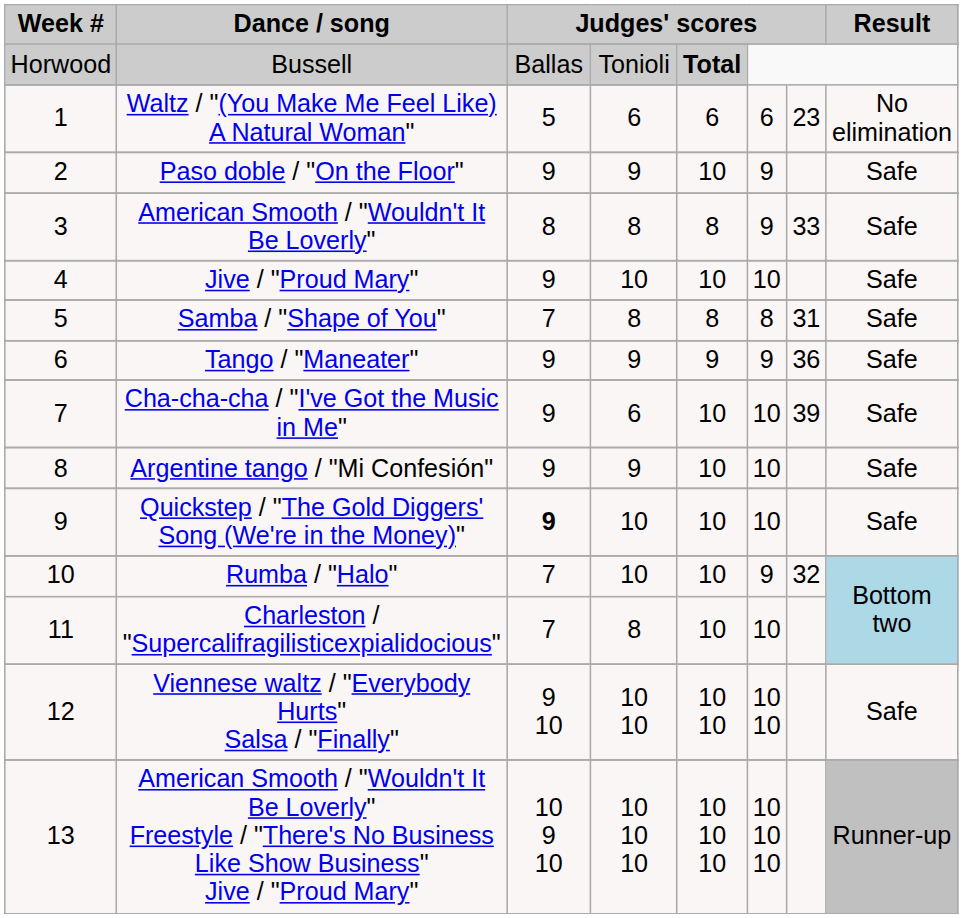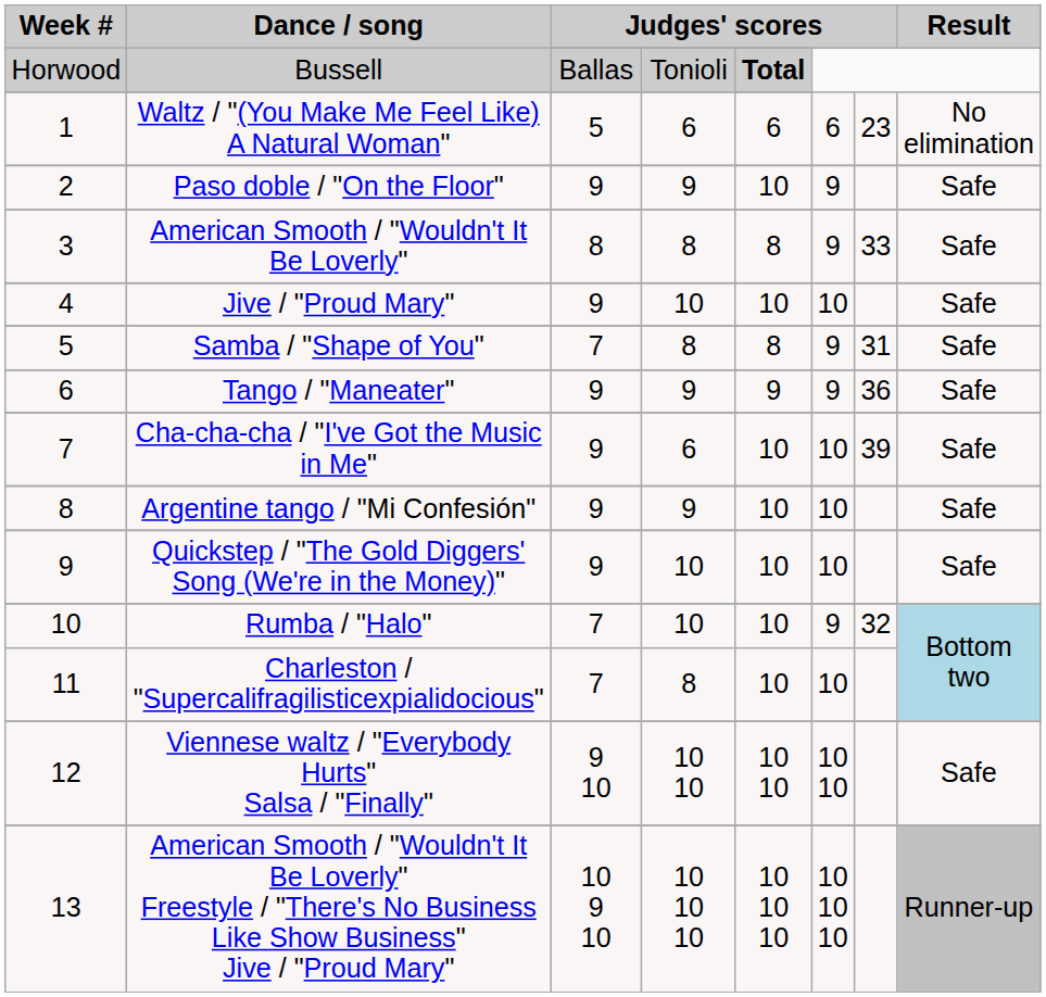 <table class="wikitable collapsible collapsed">
 <tr>
 <td rowspan="2" style="background:#CCCCCC;" align="Center"><strong>Week #</strong></td>
 <td rowspan="2" style="background:#CCCCCC;" align="Center"><strong>Dance / song</strong></td>
 <td colspan="5" style="background:#CCCCCC;" align="Center"><strong>Judges' scores</strong></td>
 <td rowspan="2" style="background:#CCCCCC;" align="Center"><strong>Result</strong></td>
 </tr>
 <tr>
 </tr>
 <tr>
 <td style="background:#CCCCCC;" width="10%" align="center">Horwood</td>
 <td style="background:#CCCCCC;" width="10%" align="center">Bussell</td>
 <td style="background:#CCCCCC;" width="10%" align="center">Ballas</td>
 <td style="background:#CCCCCC;" width="10%" align="center">Tonioli</td>
 <td style="background:#CCCCCC;" width="6%" align="center"><strong>Total</strong></td>
 </tr>
 <tr>
 </tr>
 <tr>
 <td style="text-align:center; background:#faf6f6;">1</td>
 <td style="text-align:center; background:#faf6f6;"><a href='#'>Waltz</a> / "<a href='#'>(You Make Me Feel Like) A Natural Woman</a>"</td>
 <td style="text-align:center; background:#faf6f6;">5</td>
 <td style="text-align:center; background:#faf6f6;">6</td>
 <td style="text-align:center; background:#faf6f6;">6</td>
 <td style="text-align:center; background:#faf6f6;">6</td>
 <td style="text-align:center; background:#faf6f6;">23</td>
 <td style="text-align:center; background:#faf6f6;">No elimination</td>
 </tr>
 <tr>
 </tr>
 <tr>
 <td style="text-align:center; background:#faf6f6;">2</td>
 <td style="text-align:center; background:#faf6f6;"><a href='#'>Paso doble</a> / "<a href='#'>On the Floor</a>"</td>
 <td style="text-align:center; background:#faf6f6;">9</td>
 <td style="text-align:center; background:#faf6f6;">9</td>
 <td style="text-align:center; background:#faf6f6">10</td>
 <td style="text-align:center; background:#faf6f6;">9</td>
 <td style="text-align:center; background:#faf6f6;"></td>
 <td style="text-align:center; background:#faf6f6;">Safe</td>
 </tr>
 <tr>
 </tr>
 <tr>
 <td style="text-align:center; background:#faf6f6;">3</td>
 <td style="text-align:center; background:#faf6f6;"><a href='#'>American Smooth</a> / "<a href='#'>Wouldn't It Be Loverly</a>"</td>
 <td style="text-align:center; background:#faf6f6;">8</td>
 <td style="text-align:center; background:#faf6f6;">8</td>
 <td style="text-align:center; background:#faf6f6;">8</td>
 <td style="text-align:center; background:#faf6f6;">9</td>
 <td style="text-align:center; background:#faf6f6;">33</td>
 <td style="text-align:center; background:#faf6f6;">Safe</td>
 </tr>
 <tr>
 </tr>
 <tr>
 <td style="text-align:center; background:#faf6f6">4</td>
 <td style="text-align:center; background:#faf6f6"><a href='#'>Jive</a> / "<a href='#'>Proud Mary</a>"</td>
 <td style="text-align:center; background:#faf6f6">9</td>
 <td style="text-align:center; background:#faf6f6">10</td>
 <td style="text-align:center; background:#faf6f6">10</td>
 <td style="text-align:center; background:#faf6f6">10</td>
 <td style="text-align:center; background:#faf6f6"></td>
 <td style="text-align:center; background:#faf6f6">Safe</td>
 </tr>
 <tr>
 </tr>
 <tr>
 <td style="text-align:center; background:#faf6f6">5</td>
 <td style="text-align:center; background:#faf6f6"><a href='#'>Samba</a> / "<a href='#'>Shape of You</a>"</td>
 <td style="text-align:center; background:#faf6f6">7</td>
 <td style="text-align:center; background:#faf6f6">8</td>
 <td style="text-align:center; background:#faf6f6">8</td>
-<td style="text-align:center; background:#faf6f6">8</td>
+<td style="text-align:center; background:#faf6f6">9</td>
 <td style="text-align:center; background:#faf6f6">31</td>
 <td style="text-align:center; background:#faf6f6">Safe</td>
 </tr>
 <tr>
 </tr>
 <tr>
 <td style="text-align:center; background:#faf6f6">6</td>
 <td style="text-align:center; background:#faf6f6"><a href='#'>Tango</a> / "<a href='#'>Maneater</a>"</td>
 <td style="text-align:center; background:#faf6f6">9</td>
 <td style="text-align:center; background:#faf6f6">9</td>
 <td style="text-align:center; background:#faf6f6">9</td>
 <td style="text-align:center; background:#faf6f6">9</td>
 <td style="text-align:center; background:#faf6f6">36</td>
 <td style="text-align:center; background:#faf6f6">Safe</td>
 </tr>
 <tr>
 </tr>
 <tr>
 <td style="text-align:center; background:#faf6f6">7</td>
 <td style="text-align:center; background:#faf6f6"><a href='#'>Cha-cha-cha</a> / "<a href='#'>I've Got the Music in Me</a>"</td>
 <td style="text-align:center; background:#faf6f6">9</td>
 <td style="text-align:center; background:#faf6f6;">6</td>
 <td style="text-align:center; background:#faf6f6">10</td>
 <td style="text-align:center; background:#faf6f6">10</td>
 <td style="text-align:center; background:#faf6f6">39</td>
 <td style="text-align:center; background:#faf6f6">Safe</td>
 </tr>
 <tr>
 </tr>
 <tr>
 <td style="text-align:center; background:#faf6f6">8</td>
 <td style="text-align:center; background:#faf6f6"><a href='#'>Argentine tango</a> / "Mi Confesión"</td>
 <td style="text-align:center; background:#faf6f6">9</td>
 <td style="text-align:center; background:#faf6f6">9</td>
 <td style="text-align:center; background:#faf6f6">10</td>
 <td style="text-align:center; background:#faf6f6">10</td>
 <td style="text-align:center; background:#faf6f6"></td>
 <td style="text-align:center; background:#faf6f6">Safe</td>
 </tr>
 <tr>
 </tr>
 <tr>
 <td style="text-align:center; background:#faf6f6">9</td>
 <td style="text-align:center; background:#faf6f6"><a href='#'>Quickstep</a> / "<a href='#'>The Gold Diggers' Song (We're in the Money)</a>"</td>
-<td style="text-align:center; background:#faf6f6"><strong>9</strong></td>
+<td style="text-align:center; background:#faf6f6">9</td>
 <td style="text-align:center; background:#faf6f6">10</td>
 <td style="text-align:center; background:#faf6f6">10</td>
 <td style="text-align:center; background:#faf6f6">10</td>
 <td style="text-align:center; background:#faf6f6"></td>
 <td style="text-align:center; background:#faf6f6">Safe</td>
 </tr>
 <tr>
 </tr>
 <tr>
 </tr>
 <tr style="text-align: center; background:#faf6f6;">
 <td>10</td>
 <td><a href='#'>Rumba</a> / "<a href='#'>Halo</a>"</td>
 <td>7</td>
 <td>10</td>
 <td>10</td>
 <td>9</td>
 <td>32</td>
 <td rowspan="2" bgcolor="lightblue">Bottom two</td>
 </tr>
 <tr style="text-align: center; background:#faf6f6;">
 <td>11</td>
 <td><a href='#'>Charleston</a> / "<a href='#'>Supercalifragilisticexpialidocious</a>"</td>
 <td>7</td>
 <td>8</td>
 <td>10</td>
 <td>10</td>
 <td></td>
 </tr>
 <tr>
 </tr>
 <tr style="text-align: center; background:#faf6f6;">
 <td>12</td>
 <td style="text-align:center; background:#faf6f6;"><a href='#'>Viennese waltz</a> / "<a href='#'>Everybody Hurts</a>"<br><a href='#'>Salsa</a> / "<a href='#'>Finally</a>"</td>
 <td style="text-align:center; background:#faf6f6;">9<br>10</td>
 <td style="text-align:center; background:#faf6f6;">10<br>10</td>
 <td style="text-align:center; background:#faf6f6;">10<br>10</td>
 <td style="text-align:center; background:#faf6f6;">10<br>10</td>
 <td style="text-align:center; background:#faf6f6;"><br></td>
 <td style="text-align:center; background:#faf6f6;">Safe</td>
 </tr>
 <tr>
 </tr>
 <tr style="text-align: center; background:#faf6f6;">
 <td>13</td>
 <td style="text-align:center; background:#faf6f6;"><a href='#'>American Smooth</a> / "<a href='#'>Wouldn't It Be Loverly</a>"<br><a href='#'>Freestyle</a> / "<a href='#'>There's No Business Like Show Business</a>"<br><a href='#'>Jive</a> / "<a href='#'>Proud Mary</a>"</td>
 <td style="text-align:center; background:#faf6f6;">10<br>9<br>10</td>
 <td style="text-align:center; background:#faf6f6;">10<br>10<br>10</td>
 <td style="text-align:center; background:#faf6f6;">10<br>10<br>10</td>
 <td style="text-align:center; background:#faf6f6;">10<br>10<br>10</td>
 <td style="text-align:center; background:#faf6f6;"><br><br></td>
 <td align="center" style="Text-align:center; background:Silver">Runner-up</td>
 </tr>
 </table>
